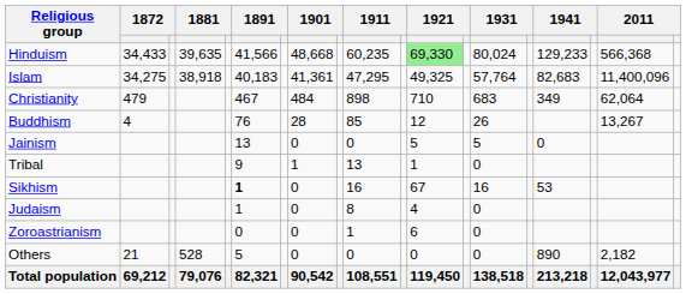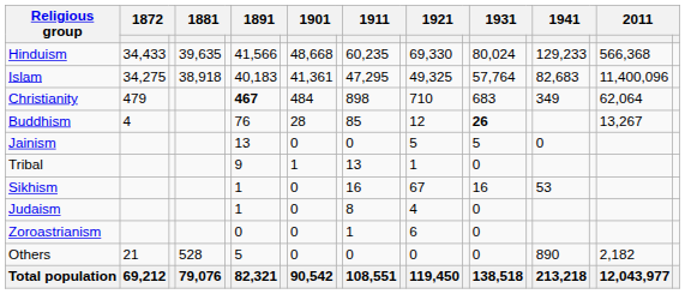 <table class="wikitable collapsible sortable">
 <tr>
 <th rowspan="2"><a href='#'>Religious</a><br>group</th>
 <th colspan="2">1872</th>
 <th colspan="2">1881</th>
 <th colspan="2">1891</th>
 <th colspan="2">1901</th>
 <th colspan="2">1911</th>
 <th colspan="2">1921</th>
 <th colspan="2">1931</th>
 <th colspan="2">1941</th>
 <th colspan="2">2011</th>
 </tr>
 <tr>
 <th><a href='#'></a></th>
 <th></th>
 <th></th>
 <th></th>
 <th></th>
 <th></th>
 <th></th>
 <th></th>
 <th></th>
 <th></th>
 <th></th>
 <th></th>
 <th></th>
 <th></th>
 <th></th>
 <th></th>
 <th></th>
 <th></th>
 </tr>
 <tr>
 <td><a href='#'>Hinduism</a> </td>
 <td>34,433</td>
 <td></td>
 <td>39,635</td>
 <td></td>
 <td>41,566</td>
 <td></td>
 <td>48,668</td>
 <td></td>
 <td>60,235</td>
 <td></td>
-<td style="background: lightgreen;">69,330</td>
+<td>69,330</td>
 <td></td>
 <td>80,024</td>
 <td></td>
 <td>129,233</td>
 <td></td>
 <td>566,368</td>
 <td></td>
 </tr>
 <tr>
 <td><a href='#'>Islam</a> </td>
 <td>34,275</td>
 <td></td>
 <td>38,918</td>
 <td></td>
 <td>40,183</td>
 <td></td>
 <td>41,361</td>
 <td></td>
 <td>47,295</td>
 <td></td>
 <td>49,325</td>
 <td></td>
 <td>57,764</td>
 <td></td>
 <td>82,683</td>
 <td></td>
 <td>11,400,096</td>
 <td></td>
 </tr>
 <tr>
 <td><a href='#'>Christianity</a> </td>
 <td>479</td>
 <td></td>
 <td></td>
 <td></td>
-<td>467</td>
+<td><strong>467</strong></td>
 <td></td>
 <td>484</td>
 <td></td>
 <td>898</td>
 <td></td>
 <td>710</td>
 <td></td>
 <td>683</td>
 <td></td>
 <td>349</td>
 <td></td>
 <td>62,064</td>
 <td></td>
 </tr>
 <tr>
 <td><a href='#'>Buddhism</a> </td>
 <td>4</td>
 <td></td>
 <td></td>
 <td></td>
 <td>76</td>
 <td></td>
 <td>28</td>
 <td></td>
 <td>85</td>
 <td></td>
 <td>12</td>
 <td></td>
-<td>26</td>
+<td><strong>26</strong></td>
 <td></td>
 <td></td>
 <td></td>
 <td>13,267</td>
 <td></td>
 </tr>
 <tr>
 <td><a href='#'>Jainism</a> </td>
 <td></td>
 <td></td>
 <td></td>
 <td></td>
 <td>13</td>
 <td></td>
 <td>0</td>
 <td></td>
 <td>0</td>
 <td></td>
 <td>5</td>
 <td></td>
 <td>5</td>
 <td></td>
 <td>0</td>
 <td></td>
 <td></td>
 <td></td>
 </tr>
 <tr>
 <td>Tribal</td>
 <td></td>
 <td></td>
 <td></td>
 <td></td>
 <td>9</td>
 <td></td>
 <td>1</td>
 <td></td>
 <td>13</td>
 <td></td>
 <td>1</td>
 <td></td>
 <td>0</td>
 <td></td>
 <td></td>
 <td></td>
 <td></td>
 <td></td>
 </tr>
 <tr>
 <td><a href='#'>Sikhism</a> </td>
 <td></td>
 <td></td>
 <td></td>
 <td></td>
-<td><strong>1</strong></td>
+<td>1</td>
 <td></td>
 <td>0</td>
 <td></td>
 <td>16</td>
 <td></td>
 <td>67</td>
 <td></td>
 <td>16</td>
 <td></td>
 <td>53</td>
 <td></td>
 <td></td>
 <td></td>
 </tr>
 <tr>
 <td><a href='#'>Judaism</a> </td>
 <td></td>
 <td></td>
 <td></td>
 <td></td>
 <td>1</td>
 <td></td>
 <td>0</td>
 <td></td>
 <td>8</td>
 <td></td>
 <td>4</td>
 <td></td>
 <td>0</td>
 <td></td>
 <td></td>
 <td></td>
 <td></td>
 <td></td>
 </tr>
 <tr>
 <td><a href='#'>Zoroastrianism</a> </td>
 <td></td>
 <td></td>
 <td></td>
 <td></td>
 <td>0</td>
 <td></td>
 <td>0</td>
 <td></td>
 <td>1</td>
 <td></td>
 <td>6</td>
 <td></td>
 <td>0</td>
 <td></td>
 <td></td>
 <td></td>
 <td></td>
 <td></td>
 </tr>
 <tr>
 <td>Others</td>
 <td>21</td>
 <td></td>
 <td>528</td>
 <td></td>
 <td>5</td>
 <td></td>
 <td>0</td>
 <td></td>
 <td>0</td>
 <td></td>
 <td>0</td>
 <td></td>
 <td>0</td>
 <td></td>
 <td>890</td>
 <td></td>
 <td>2,182</td>
 <td></td>
 </tr>
 <tr>
 <th>Total population</th>
 <th>69,212</th>
 <th></th>
 <th>79,076</th>
 <th></th>
 <th>82,321</th>
 <th></th>
 <th>90,542</th>
 <th></th>
 <th>108,551</th>
 <th></th>
 <th>119,450</th>
 <th></th>
 <th>138,518</th>
 <th></th>
 <th>213,218</th>
 <th></th>
 <th>12,043,977</th>
 <th></th>
 </tr>
 </table>
